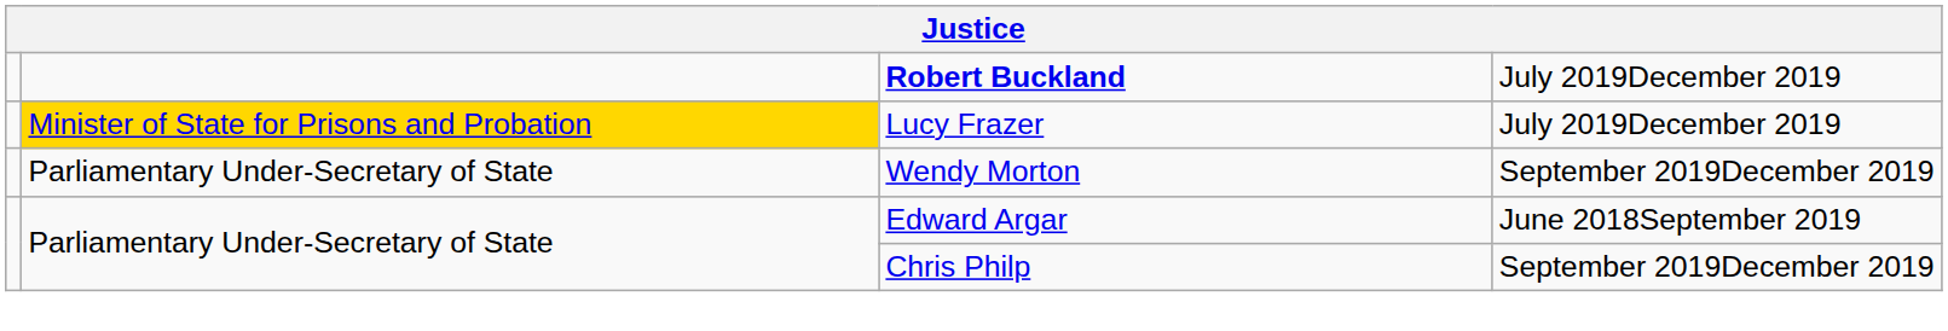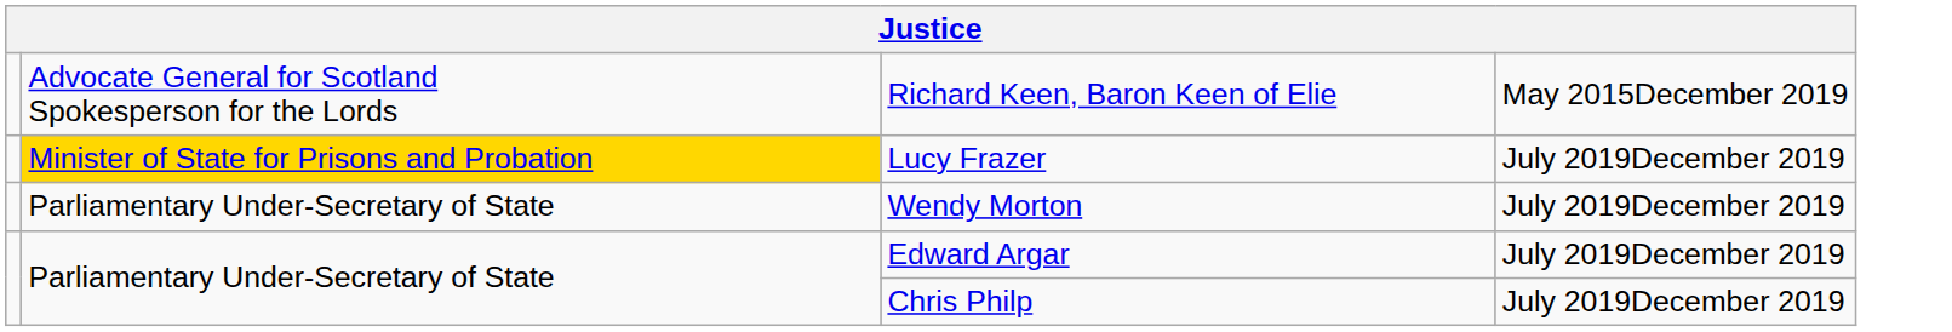 <table class="wikitable">
 <tr>
 <th colspan="4"><a href='#'>Justice</a></th>
 </tr>
 <tr>
 <td style="width: 1px; background: "></td>
-<td style="width: 450px;"></td>
-<td style="width: 320px;"><strong><a href='#'>Robert Buckland</a></strong></td>
-<td>July 2019December 2019</td>
+<td><a href='#'>Advocate General for Scotland</a><br>Spokesperson for the Lords</td>
+<td><a href='#'>Richard Keen, Baron Keen of Elie</a></td>
+<td>May 2015December 2019</td>
 </tr>
 <tr>
 <td style="width: 1px; background: "></td>
 <td style="background: gold; width: 450px;"><a href='#'>Minister of State for Prisons and Probation</a></td>
 <td style="width: 320px;"><a href='#'>Lucy Frazer</a></td>
 <td>July 2019December 2019</td>
 </tr>
 <tr>
 <td style="width: 1px; background: "></td>
 <td>Parliamentary Under-Secretary of State</td>
 <td><a href='#'>Wendy Morton</a></td>
-<td>September 2019December 2019</td>
+<td>July 2019December 2019</td>
 </tr>
 <tr>
 <td rowspan=2 style="width: 1px; background: "></td>
 <td rowspan=2>Parliamentary Under-Secretary of State</td>
 <td><a href='#'>Edward Argar</a></td>
-<td>June 2018September 2019</td>
+<td>July 2019December 2019</td>
 </tr>
 <tr>
 <td><a href='#'>Chris Philp</a></td>
-<td>September 2019December 2019</td>
+<td>July 2019December 2019</td>
 </tr>
 </table>
